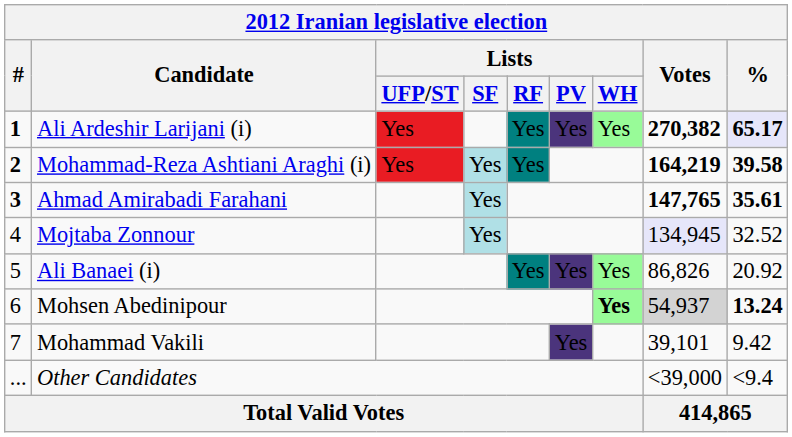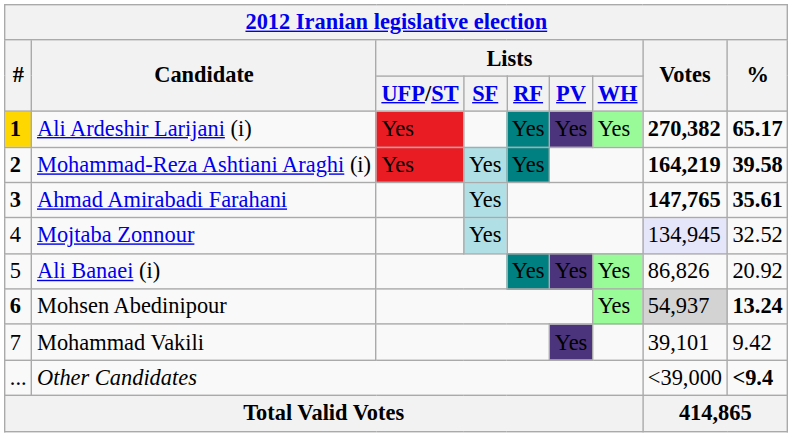 <table class="wikitable">
 <tr>
 <th colspan="9"><a href='#'>2012 Iranian legislative election</a></th>
 </tr>
 <tr>
 <th rowspan="2">#</th>
 <th rowspan="2">Candidate</th>
 <th colspan="5">Lists</th>
 <th rowspan="2">Votes</th>
 <th rowspan="2">%</th>
 </tr>
 <tr>
 <th><a href='#'>UFP</a>/<a href='#'>ST</a></th>
 <th><a href='#'>SF</a></th>
 <th><a href='#'>RF</a></th>
 <th><a href='#'>PV</a></th>
 <th><a href='#'>WH</a></th>
 </tr>
 <tr>
-<td><strong>1</strong></td>
+<td style="background: gold;"><strong>1</strong></td>
 <td><a href='#'>Ali Ardeshir Larijani</a> (<abbr>i</abbr>)</td>
 <td style="background:#e91c23;"><span>Yes</span></td>
 <td></td>
 <td style="background:#008080;"><span>Yes</span></td>
 <td style="background:#4b347c;"><span>Yes</span></td>
 <td style="background:#98FB98;"><span>Yes</span></td>
 <td><strong>270,382</strong></td>
-<td style="background: lavender;"><strong>65.17</strong></td>
+<td><strong>65.17</strong></td>
 </tr>
 <tr>
 <td><strong>2</strong></td>
 <td><a href='#'>Mohammad-Reza Ashtiani Araghi</a> (<abbr>i</abbr>)</td>
 <td style="background:#e91c23;"><span>Yes</span></td>
 <td style="background:#B0E0E6;"><span>Yes</span></td>
 <td style="background:#008080;"><span>Yes</span></td>
 <td colspan="2"></td>
 <td><strong>164,219</strong></td>
 <td><strong>39.58</strong></td>
 </tr>
 <tr>
 <td><strong>3</strong></td>
 <td><a href='#'>Ahmad Amirabadi Farahani</a></td>
 <td></td>
 <td style="background:#B0E0E6;"><span>Yes</span></td>
 <td colspan="3"></td>
 <td><strong>147,765</strong></td>
 <td><strong>35.61</strong></td>
 </tr>
 <tr>
 <td>4</td>
 <td><a href='#'>Mojtaba Zonnour</a></td>
 <td></td>
 <td style="background:#B0E0E6;"><span>Yes</span></td>
 <td colspan="3"></td>
 <td style="background: lavender;">134,945</td>
 <td>32.52</td>
 </tr>
 <tr>
 <td>5</td>
 <td><a href='#'>Ali Banaei</a> (<abbr>i</abbr>)</td>
 <td colspan="2"></td>
 <td style="background:#008080;"><span>Yes</span></td>
 <td style="background:#4b347c;"><span>Yes</span></td>
 <td style="background:#98FB98;"><span>Yes</span></td>
 <td>86,826</td>
 <td>20.92</td>
 </tr>
 <tr>
-<td>6</td>
+<td><strong>6</strong></td>
 <td>Mohsen Abedinipour</td>
 <td colspan="4"></td>
-<td style="background:#98FB98;"><strong><span>Yes</span></strong></td>
+<td style="background:#98FB98;"><span>Yes</span></td>
 <td style="background: lightgrey;">54,937</td>
 <td><strong>13.24</strong></td>
 </tr>
 <tr>
 <td>7</td>
 <td>Mohammad Vakili</td>
 <td colspan="3"></td>
 <td style="background:#4b347c;"><span>Yes</span></td>
 <td></td>
 <td>39,101</td>
 <td>9.42</td>
 </tr>
 <tr>
 <td>...</td>
 <td colspan="6"><em>Other Candidates</em></td>
 <td><39,000</td>
-<td><9.4</td>
+<td><strong><9.4</strong></td>
 </tr>
 <tr>
 <th colspan="7">Total Valid Votes</th>
 <th colspan="2">414,865</th>
 </tr>
 </table>
